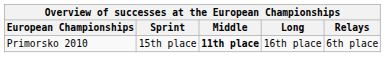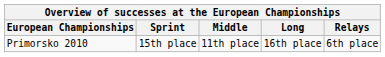 <table class="wikitable">
 <tr>
 <th colspan="5">Overview of successes at the European Championships</th>
 </tr>
 <tr>
 <th>European Championships</th>
 <th>Sprint</th>
 <th>Middle</th>
 <th>Long</th>
 <th>Relays</th>
 </tr>
 <tr>
 <td>Primorsko 2010</td>
 <td>15th place</td>
-<td><strong>11th place</strong></td>
+<td>11th place</td>
 <td>16th place</td>
 <td>6th place</td>
 </tr>
 </table>
